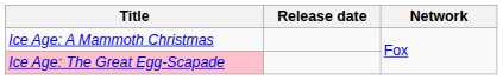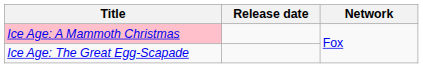 <table class="wikitable sortable">
 <tr>
 <th ! width=275>Title</th>
 <th ! width=120>Release date</th>
 <th ! width=120>Network</th>
 </tr>
 <tr>
-<td><em><a href='#'>Ice Age: A Mammoth Christmas</a></em></td>
+<td style="background: pink;"><em><a href='#'>Ice Age: A Mammoth Christmas</a></em></td>
 <td style="text-align:right;"></td>
 <td rowspan="2"><a href='#'>Fox</a></td>
 </tr>
 <tr>
-<td style="background: pink;"><em><a href='#'>Ice Age: The Great Egg-Scapade</a></em></td>
+<td><em><a href='#'>Ice Age: The Great Egg-Scapade</a></em></td>
 <td style="text-align:right;"></td>
 </tr>
 </table>
